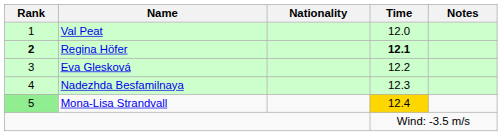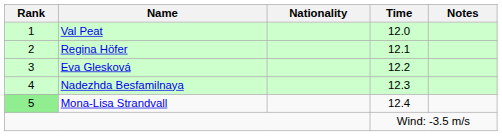 <table class="wikitable sortable" style="text-align:center;width: 55%">
 <tr>
 <th>Rank</th>
 <th>Name</th>
 <th>Nationality</th>
 <th>Time</th>
 <th>Notes</th>
 </tr>
 <tr bgcolor=ccffcc>
 <td>1</td>
 <td align=left><a href='#'>Val Peat</a></td>
 <td align=left></td>
 <td>12.0</td>
 <td></td>
 </tr>
 <tr bgcolor=ccffcc>
-<td><strong>2</strong></td>
+<td>2</td>
 <td align=left><a href='#'>Regina Höfer</a></td>
 <td align=left></td>
-<td><strong>12.1</strong></td>
+<td>12.1</td>
 <td></td>
 </tr>
 <tr bgcolor=ccffcc>
 <td>3</td>
 <td align=left><a href='#'>Eva Glesková</a></td>
 <td align=left></td>
 <td>12.2</td>
 <td></td>
 </tr>
 <tr bgcolor=ccffcc>
 <td>4</td>
 <td align=left><a href='#'>Nadezhda Besfamilnaya</a></td>
 <td align=left></td>
 <td>12.3</td>
 <td></td>
 </tr>
 <tr>
 <td style="background: lightgreen;">5</td>
 <td align=left><a href='#'>Mona-Lisa Strandvall</a></td>
 <td align=left></td>
-<td style="background: gold;">12.4</td>
+<td>12.4</td>
 <td></td>
 </tr>
 <tr>
 <td colspan="3"></td>
 <td colspan="2">Wind: -3.5 m/s</td>
 </tr>
 </table>
